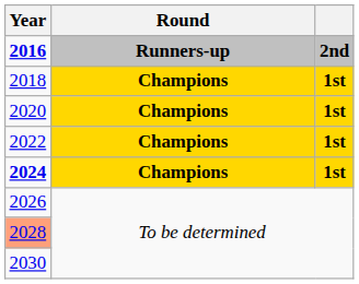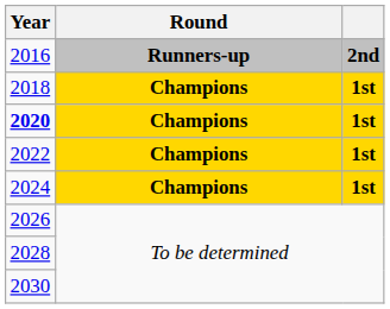 <table class="wikitable" style="text-align: center; font-size:90%">
 <tr>
 <th>Year</th>
 <th style="width:200px">Round</th>
 <th></th>
 </tr>
 <tr>
-<td><strong><a href='#'>2016</a></strong></td>
+<td><a href='#'>2016</a></td>
 <td bgcolor=Silver><strong>Runners-up</strong></td>
 <td bgcolor=Silver><strong>2nd</strong></td>
 </tr>
 <tr>
 <td><a href='#'>2018</a></td>
 <td bgcolor=Gold><strong>Champions</strong></td>
 <td bgcolor=Gold><strong>1st</strong></td>
 </tr>
 <tr>
-<td><a href='#'>2020</a></td>
+<td><strong><a href='#'>2020</a></strong></td>
 <td bgcolor=Gold><strong>Champions</strong></td>
 <td bgcolor=Gold><strong>1st</strong></td>
 </tr>
 <tr>
 <td><a href='#'>2022</a></td>
 <td bgcolor=Gold><strong>Champions</strong></td>
 <td bgcolor=Gold><strong>1st</strong></td>
 </tr>
 <tr>
-<td><strong><a href='#'>2024</a></strong></td>
+<td><a href='#'>2024</a></td>
 <td bgcolor=Gold><strong>Champions</strong></td>
 <td bgcolor=Gold><strong>1st</strong></td>
 </tr>
 <tr>
 <td><a href='#'>2026</a></td>
 <td colspan="2" rowspan="3"><em>To be determined</em></td>
 </tr>
 <tr>
-<td style="background: lightsalmon;"><a href='#'>2028</a></td>
+<td><a href='#'>2028</a></td>
 </tr>
 <tr>
 <td><a href='#'>2030</a></td>
 </tr>
 </table>
